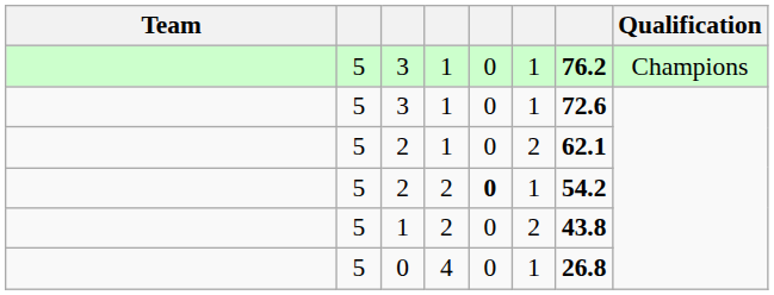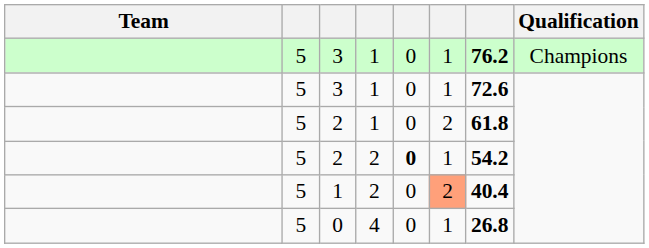 <table class="wikitable" style="text-align:center">
 <tr>
 <th style="width:200px">Team</th>
 <th width="20"></th>
 <th width="20"></th>
 <th width="20"></th>
 <th width="20"></th>
 <th width="20"></th>
 <th width="20"></th>
 <th>Qualification</th>
 </tr>
 <tr style="background:#cfc">
 <td style="text-align:left;"></td>
 <td>5</td>
 <td>3</td>
 <td>1</td>
 <td>0</td>
 <td>1</td>
 <td><strong>76.2</strong></td>
 <td>Champions</td>
 </tr>
 <tr>
 <td style="text-align:left;"></td>
 <td>5</td>
 <td>3</td>
 <td>1</td>
 <td>0</td>
 <td>1</td>
 <td><strong>72.6</strong></td>
 <td rowspan="5"></td>
 </tr>
 <tr>
 <td style="text-align:left;"></td>
 <td>5</td>
 <td>2</td>
 <td>1</td>
 <td>0</td>
 <td>2</td>
-<td><strong>62.1</strong></td>
+<td><strong>61.8</strong></td>
 </tr>
 <tr>
 <td style="text-align:left;"></td>
 <td>5</td>
 <td>2</td>
 <td>2</td>
 <td><strong>0</strong></td>
 <td>1</td>
 <td><strong>54.2</strong></td>
 </tr>
 <tr>
 <td style="text-align:left;"></td>
 <td>5</td>
 <td>1</td>
 <td>2</td>
 <td>0</td>
-<td>2</td>
-<td><strong>43.8</strong></td>
+<td style="background: lightsalmon;">2</td>
+<td><strong>40.4</strong></td>
 </tr>
 <tr>
 <td style="text-align:left;"></td>
 <td>5</td>
 <td>0</td>
 <td>4</td>
 <td>0</td>
 <td>1</td>
 <td><strong>26.8</strong></td>
 </tr>
 </table>
